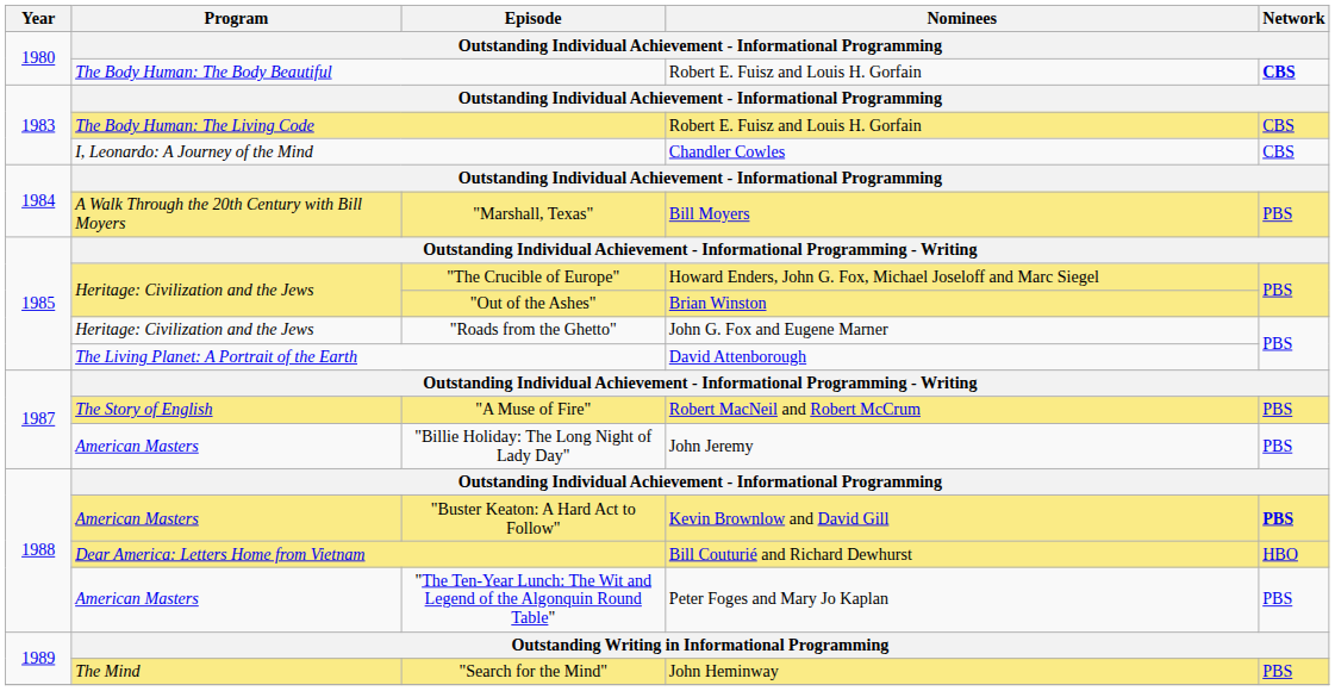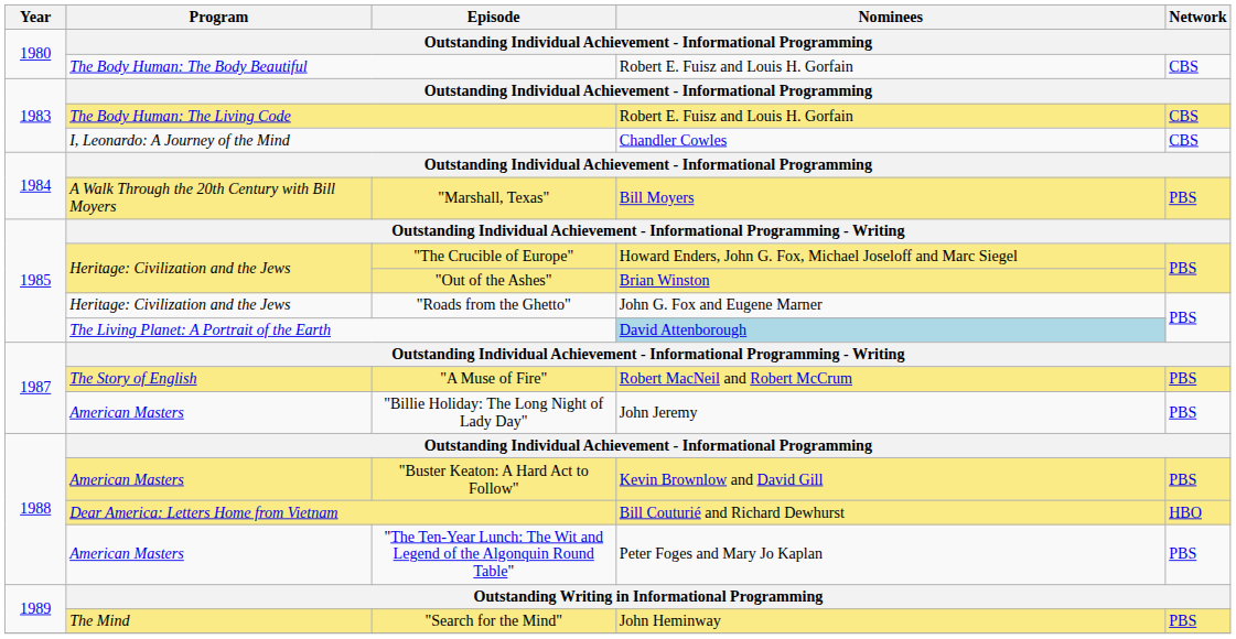 <table class="wikitable" style="width:100%">
 <tr style="background:#bebebe;">
 <th style="width:5%;">Year</th>
 <th style="width:25%;">Program</th>
 <th style="width:20%;">Episode</th>
 <th style="width:45%;">Nominees</th>
 <th style="width:5%;">Network</th>
 </tr>
 <tr>
 <td rowspan=2 style="text-align:center"><a href='#'>1980</a></td>
 <th colspan="4">Outstanding Individual Achievement - Informational Programming</th>
 </tr>
 <tr>
 <td colspan=2><em><a href='#'>The Body Human: The Body Beautiful</a></em></td>
 <td>Robert E. Fuisz and Louis H. Gorfain</td>
-<td><strong><a href='#'>CBS</a></strong></td>
+<td><a href='#'>CBS</a></td>
 </tr>
 <tr>
 <td rowspan=3 style="text-align:center"><a href='#'>1983</a></td>
 <th colspan="4">Outstanding Individual Achievement - Informational Programming</th>
 </tr>
 <tr style="background:#FAEB86;">
 <td colspan=2><em><a href='#'>The Body Human: The Living Code</a></em></td>
 <td>Robert E. Fuisz and Louis H. Gorfain</td>
 <td><a href='#'>CBS</a></td>
 </tr>
 <tr>
 <td colspan=2><em>I, Leonardo: A Journey of the Mind</em></td>
 <td><a href='#'>Chandler Cowles</a></td>
 <td><a href='#'>CBS</a></td>
 </tr>
 <tr>
 <td rowspan=2 style="text-align:center"><a href='#'>1984</a></td>
 <th colspan="4">Outstanding Individual Achievement - Informational Programming</th>
 </tr>
 <tr style="background:#FAEB86;">
 <td><em>A Walk Through the 20th Century with Bill Moyers</em></td>
 <td align=center>"Marshall, Texas"</td>
 <td><a href='#'>Bill Moyers</a></td>
 <td><a href='#'>PBS</a></td>
 </tr>
 <tr>
 <td rowspan=5 style="text-align:center"><a href='#'>1985</a></td>
 <th colspan="4">Outstanding Individual Achievement - Informational Programming - Writing</th>
 </tr>
 <tr style="background:#FAEB86;">
 <td rowspan=2><em>Heritage: Civilization and the Jews</em></td>
 <td align=center>"The Crucible of Europe"</td>
 <td>Howard Enders, John G. Fox, Michael Joseloff and Marc Siegel</td>
 <td rowspan=2><a href='#'>PBS</a></td>
 </tr>
 <tr style="background:#FAEB86;">
 <td align=center>"Out of the Ashes"</td>
 <td><a href='#'>Brian Winston</a></td>
 </tr>
 <tr>
 <td><em>Heritage: Civilization and the Jews</em></td>
 <td align=center>"Roads from the Ghetto"</td>
 <td>John G. Fox and Eugene Marner</td>
 <td rowspan=2><a href='#'>PBS</a></td>
 </tr>
 <tr>
 <td colspan=2><em><a href='#'>The Living Planet: A Portrait of the Earth</a></em></td>
-<td><a href='#'>David Attenborough</a></td>
+<td style="background: lightblue;"><a href='#'>David Attenborough</a></td>
 </tr>
 <tr>
 <td rowspan=3 style="text-align:center"><a href='#'>1987</a></td>
 <th colspan="4">Outstanding Individual Achievement - Informational Programming - Writing</th>
 </tr>
 <tr style="background:#FAEB86;">
 <td><em><a href='#'>The Story of English</a></em></td>
 <td align=center>"A Muse of Fire"</td>
 <td><a href='#'>Robert MacNeil</a> and <a href='#'>Robert McCrum</a></td>
 <td><a href='#'>PBS</a></td>
 </tr>
 <tr>
 <td><em><a href='#'>American Masters</a></em></td>
 <td align=center>"Billie Holiday: The Long Night of Lady Day"</td>
 <td>John Jeremy</td>
 <td><a href='#'>PBS</a></td>
 </tr>
 <tr>
 <td rowspan=4 style="text-align:center"><a href='#'>1988</a></td>
 <th colspan="4">Outstanding Individual Achievement - Informational Programming</th>
 </tr>
 <tr style="background:#FAEB86;">
 <td><em><a href='#'>American Masters</a></em></td>
 <td align=center>"Buster Keaton: A Hard Act to Follow"</td>
 <td><a href='#'>Kevin Brownlow</a> and <a href='#'>David Gill</a></td>
-<td><strong><a href='#'>PBS</a></strong></td>
+<td><a href='#'>PBS</a></td>
 </tr>
 <tr style="background:#FAEB86;">
 <td colspan=2><em><a href='#'>Dear America: Letters Home from Vietnam</a></em></td>
 <td><a href='#'>Bill Couturié</a> and Richard Dewhurst</td>
 <td><a href='#'>HBO</a></td>
 </tr>
 <tr>
 <td><em><a href='#'>American Masters</a></em></td>
 <td align=center>"<a href='#'>The Ten-Year Lunch: The Wit and Legend of the Algonquin Round Table</a>"</td>
 <td>Peter Foges and Mary Jo Kaplan</td>
 <td><a href='#'>PBS</a></td>
 </tr>
 <tr>
 <td rowspan=2 style="text-align:center"><a href='#'>1989</a></td>
 <th colspan="4">Outstanding Writing in Informational Programming</th>
 </tr>
 <tr style="background:#FAEB86;">
 <td><em>The Mind</em></td>
 <td align=center>"Search for the Mind"</td>
 <td>John Heminway</td>
 <td><a href='#'>PBS</a></td>
 </tr>
 <tr>
 </tr>
 </table>
